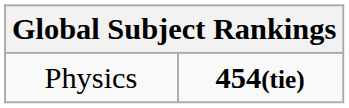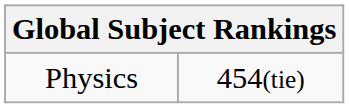 <table class="wikitable collapsible collapsed" style="float:right; text-align:center;">
 <tr>
 <th colspan=4>Global Subject Rankings</th>
 </tr>
 <tr>
 <td>Physics</td>
-<td><strong>454<small>(tie)</small></strong></td>
+<td>454<small>(tie)</small></td>
 </tr>
 </table>
